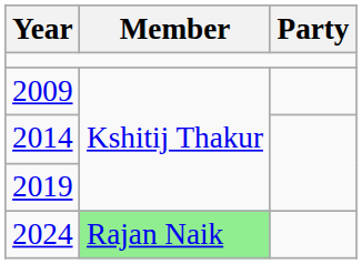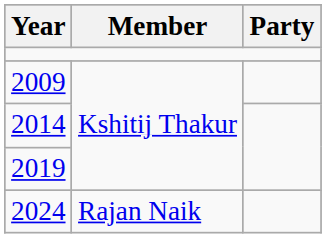 <table class="wikitable">
 <tr>
 <th>Year</th>
 <th>Member</th>
 <th colspan="2">Party</th>
 </tr>
 <tr>
 <td colspan="4"></td>
 </tr>
 <tr>
 <td><a href='#'>2009</a></td>
 <td rowspan="3"><a href='#'>Kshitij Thakur</a></td>
 <td></td>
 </tr>
 <tr>
 <td><a href='#'>2014</a></td>
 </tr>
 <tr>
 <td><a href='#'>2019</a></td>
 </tr>
 <tr>
 <td><a href='#'>2024</a></td>
-<td rowspan="1" style="background: lightgreen;"><a href='#'>Rajan Naik</a></td>
+<td rowspan="1"><a href='#'>Rajan Naik</a></td>
 <td></td>
 </tr>
 </table>
